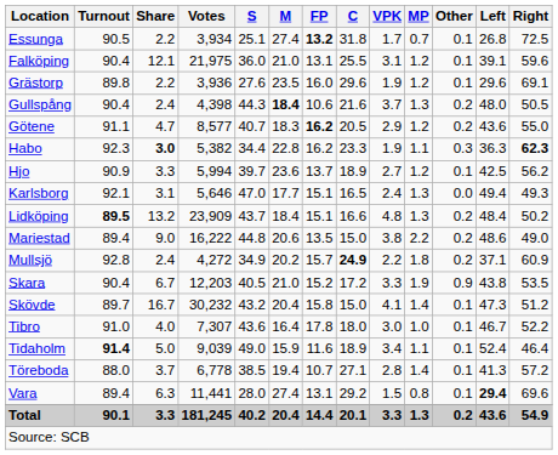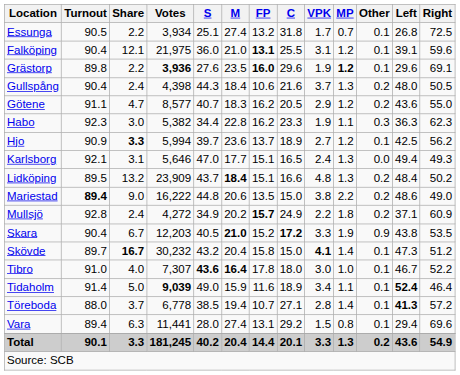 <table class="wikitable sortable" style=text-align:right>
 <tr>
 <th>Location</th>
 <th>Turnout</th>
 <th>Share</th>
 <th>Votes</th>
 <th><a href='#'>S</a></th>
 <th><a href='#'>M</a></th>
 <th><a href='#'>FP</a></th>
 <th><a href='#'>C</a></th>
 <th><a href='#'>VPK</a></th>
 <th><a href='#'>MP</a></th>
 <th>Other</th>
 <th>Left</th>
 <th>Right</th>
 </tr>
 <tr>
 <td align=left><a href='#'>Essunga</a></td>
 <td>90.5</td>
 <td>2.2</td>
 <td>3,934</td>
 <td>25.1</td>
 <td>27.4</td>
-<td><strong>13.2</strong></td>
+<td>13.2</td>
 <td>31.8</td>
 <td>1.7</td>
 <td>0.7</td>
 <td>0.1</td>
 <td>26.8</td>
 <td>72.5</td>
 </tr>
 <tr>
 <td align=left><a href='#'>Falköping</a></td>
 <td>90.4</td>
 <td>12.1</td>
 <td>21,975</td>
 <td>36.0</td>
 <td>21.0</td>
-<td>13.1</td>
+<td><strong>13.1</strong></td>
 <td>25.5</td>
 <td>3.1</td>
 <td>1.2</td>
 <td>0.1</td>
 <td>39.1</td>
 <td>59.6</td>
 </tr>
 <tr>
 <td align=left><a href='#'>Grästorp</a></td>
 <td>89.8</td>
 <td>2.2</td>
-<td>3,936</td>
+<td><strong>3,936</strong></td>
 <td>27.6</td>
 <td>23.5</td>
-<td>16.0</td>
+<td><strong>16.0</strong></td>
 <td>29.6</td>
 <td>1.9</td>
-<td>1.2</td>
+<td><strong>1.2</strong></td>
 <td>0.1</td>
 <td>29.6</td>
 <td>69.1</td>
 </tr>
 <tr>
 <td align=left><a href='#'>Gullspång</a></td>
 <td>90.4</td>
 <td>2.4</td>
 <td>4,398</td>
 <td>44.3</td>
-<td><strong>18.4</strong></td>
+<td>18.4</td>
 <td>10.6</td>
 <td>21.6</td>
 <td>3.7</td>
 <td>1.3</td>
 <td>0.2</td>
 <td>48.0</td>
 <td>50.5</td>
 </tr>
 <tr>
 <td align=left><a href='#'>Götene</a></td>
 <td>91.1</td>
 <td>4.7</td>
 <td>8,577</td>
 <td>40.7</td>
 <td>18.3</td>
-<td><strong>16.2</strong></td>
+<td>16.2</td>
 <td>20.5</td>
 <td>2.9</td>
 <td>1.2</td>
 <td>0.2</td>
 <td>43.6</td>
 <td>55.0</td>
 </tr>
 <tr>
 <td align=left><a href='#'>Habo</a></td>
 <td>92.3</td>
-<td><strong>3.0</strong></td>
+<td>3.0</td>
 <td>5,382</td>
 <td>34.4</td>
 <td>22.8</td>
 <td>16.2</td>
 <td>23.3</td>
 <td>1.9</td>
 <td>1.1</td>
 <td>0.3</td>
 <td>36.3</td>
-<td><strong>62.3</strong></td>
+<td>62.3</td>
 </tr>
 <tr>
 <td align=left><a href='#'>Hjo</a></td>
 <td>90.9</td>
-<td>3.3</td>
+<td><strong>3.3</strong></td>
 <td>5,994</td>
 <td>39.7</td>
 <td>23.6</td>
 <td>13.7</td>
 <td>18.9</td>
 <td>2.7</td>
 <td>1.2</td>
 <td>0.1</td>
 <td>42.5</td>
 <td>56.2</td>
 </tr>
 <tr>
 <td align=left><a href='#'>Karlsborg</a></td>
 <td>92.1</td>
 <td>3.1</td>
 <td>5,646</td>
 <td>47.0</td>
 <td>17.7</td>
 <td>15.1</td>
 <td>16.5</td>
 <td>2.4</td>
 <td>1.3</td>
 <td>0.0</td>
 <td>49.4</td>
 <td>49.3</td>
 </tr>
 <tr>
 <td align=left><a href='#'>Lidköping</a></td>
-<td><strong>89.5</strong></td>
+<td>89.5</td>
 <td>13.2</td>
 <td>23,909</td>
 <td>43.7</td>
-<td>18.4</td>
+<td><strong>18.4</strong></td>
 <td>15.1</td>
 <td>16.6</td>
 <td>4.8</td>
 <td>1.3</td>
 <td>0.2</td>
 <td>48.4</td>
 <td>50.2</td>
 </tr>
 <tr>
 <td align=left><a href='#'>Mariestad</a></td>
-<td>89.4</td>
+<td><strong>89.4</strong></td>
 <td>9.0</td>
 <td>16,222</td>
 <td>44.8</td>
 <td>20.6</td>
 <td>13.5</td>
 <td>15.0</td>
 <td>3.8</td>
 <td>2.2</td>
 <td>0.2</td>
 <td>48.6</td>
 <td>49.0</td>
 </tr>
 <tr>
 <td align=left><a href='#'>Mullsjö</a></td>
 <td>92.8</td>
 <td>2.4</td>
 <td>4,272</td>
 <td>34.9</td>
 <td>20.2</td>
-<td>15.7</td>
-<td><strong>24.9</strong></td>
+<td><strong>15.7</strong></td>
+<td>24.9</td>
 <td>2.2</td>
 <td>1.8</td>
 <td>0.2</td>
 <td>37.1</td>
 <td>60.9</td>
 </tr>
 <tr>
 <td align=left><a href='#'>Skara</a></td>
 <td>90.4</td>
 <td>6.7</td>
 <td>12,203</td>
 <td>40.5</td>
-<td>21.0</td>
+<td><strong>21.0</strong></td>
 <td>15.2</td>
-<td>17.2</td>
+<td><strong>17.2</strong></td>
 <td>3.3</td>
 <td>1.9</td>
 <td>0.9</td>
 <td>43.8</td>
 <td>53.5</td>
 </tr>
 <tr>
 <td align=left><a href='#'>Skövde</a></td>
 <td>89.7</td>
-<td>16.7</td>
+<td><strong>16.7</strong></td>
 <td>30,232</td>
 <td>43.2</td>
 <td>20.4</td>
 <td>15.8</td>
 <td>15.0</td>
-<td>4.1</td>
+<td><strong>4.1</strong></td>
 <td>1.4</td>
 <td>0.1</td>
 <td>47.3</td>
 <td>51.2</td>
 </tr>
 <tr>
 <td align=left><a href='#'>Tibro</a></td>
 <td>91.0</td>
 <td>4.0</td>
 <td>7,307</td>
-<td>43.6</td>
-<td>16.4</td>
+<td><strong>43.6</strong></td>
+<td><strong>16.4</strong></td>
 <td>17.8</td>
 <td>18.0</td>
 <td>3.0</td>
 <td>1.0</td>
 <td>0.1</td>
 <td>46.7</td>
 <td>52.2</td>
 </tr>
 <tr>
 <td align=left><a href='#'>Tidaholm</a></td>
-<td><strong>91.4</strong></td>
+<td>91.4</td>
 <td>5.0</td>
-<td>9,039</td>
+<td><strong>9,039</strong></td>
 <td>49.0</td>
 <td>15.9</td>
 <td>11.6</td>
 <td>18.9</td>
 <td>3.4</td>
 <td>1.1</td>
 <td>0.1</td>
-<td>52.4</td>
+<td><strong>52.4</strong></td>
 <td>46.4</td>
 </tr>
 <tr>
 <td align=left><a href='#'>Töreboda</a></td>
 <td>88.0</td>
 <td>3.7</td>
 <td>6,778</td>
 <td>38.5</td>
 <td>19.4</td>
 <td>10.7</td>
 <td>27.1</td>
 <td>2.8</td>
 <td>1.4</td>
 <td>0.1</td>
-<td>41.3</td>
+<td><strong>41.3</strong></td>
 <td>57.2</td>
 </tr>
 <tr>
 <td align=left><a href='#'>Vara</a></td>
 <td>89.4</td>
 <td>6.3</td>
 <td>11,441</td>
 <td>28.0</td>
 <td>27.4</td>
 <td>13.1</td>
 <td>29.2</td>
 <td>1.5</td>
 <td>0.8</td>
 <td>0.1</td>
-<td><strong>29.4</strong></td>
+<td>29.4</td>
 <td>69.6</td>
 </tr>
 <tr>
 </tr>
 <tr style="background:#CDCDCD;">
 <td align=left><strong>Total</strong></td>
 <td><strong>90.1</strong></td>
 <td><strong>3.3</strong></td>
 <td><strong>181,245</strong></td>
 <td><strong>40.2</strong></td>
 <td><strong>20.4</strong></td>
 <td><strong>14.4</strong></td>
 <td><strong>20.1</strong></td>
 <td><strong>3.3</strong></td>
 <td><strong>1.3</strong></td>
 <td><strong>0.2</strong></td>
 <td><strong>43.6</strong></td>
 <td><strong>54.9</strong></td>
 </tr>
 <tr>
 <td align=left colspan=13>Source: SCB </td>
 </tr>
 </table>
